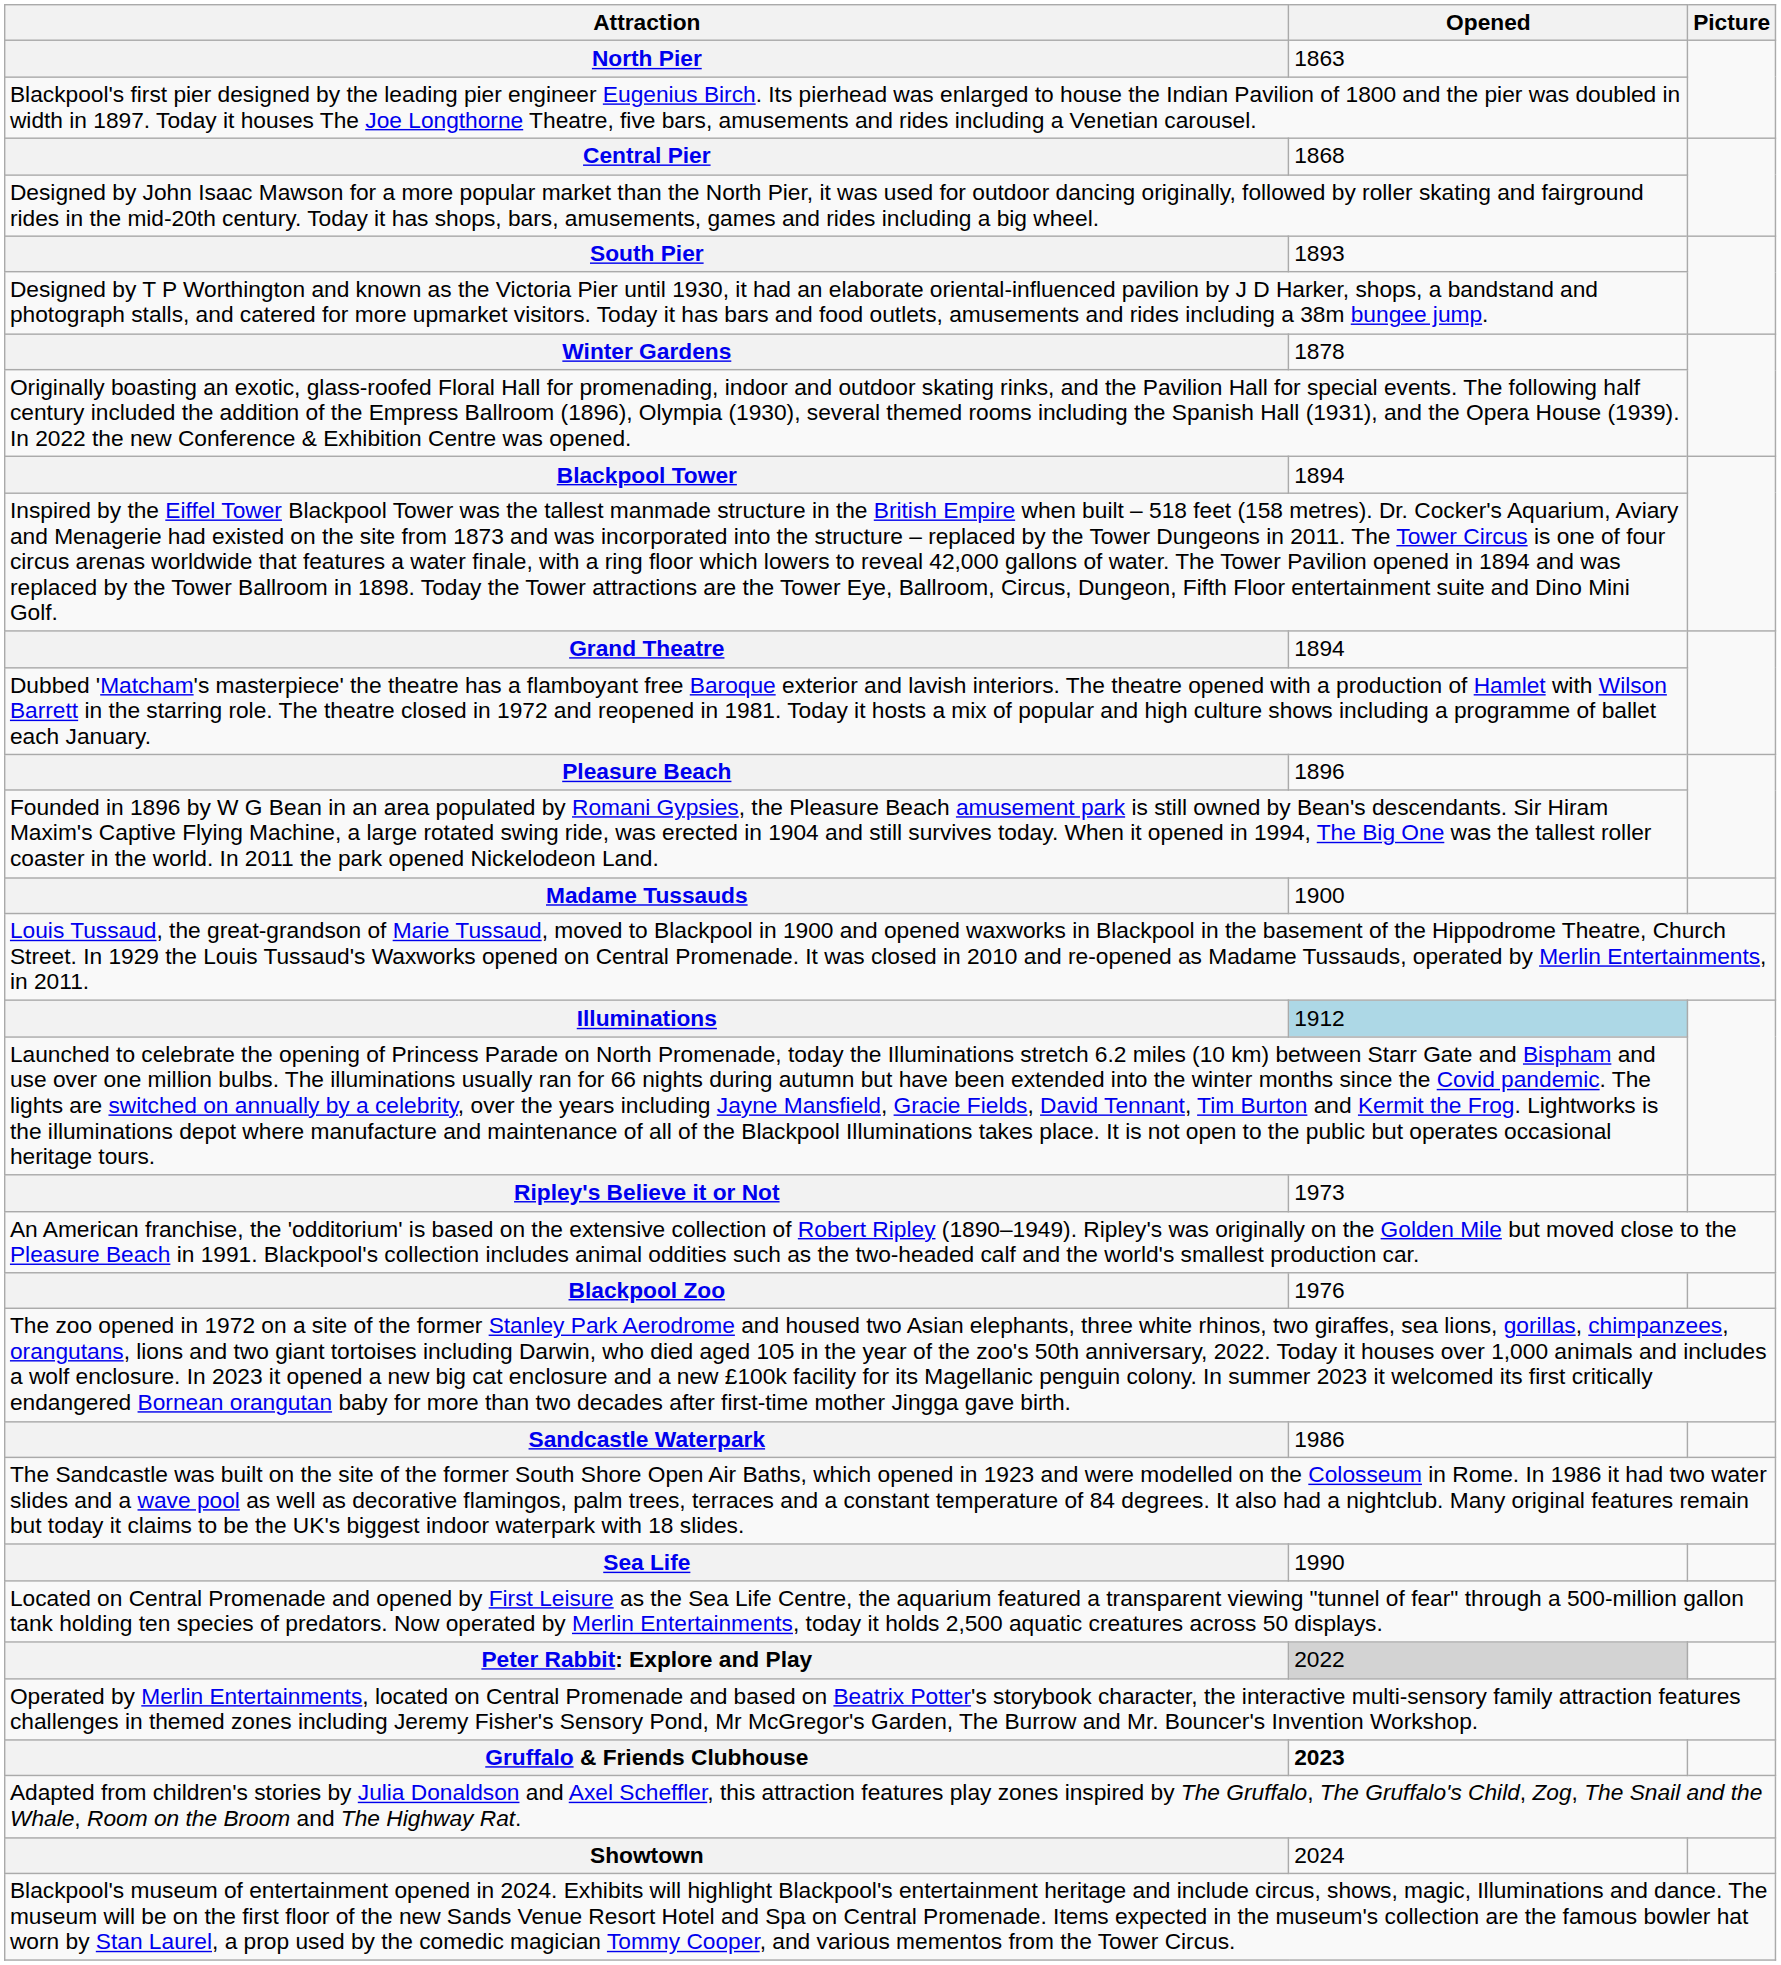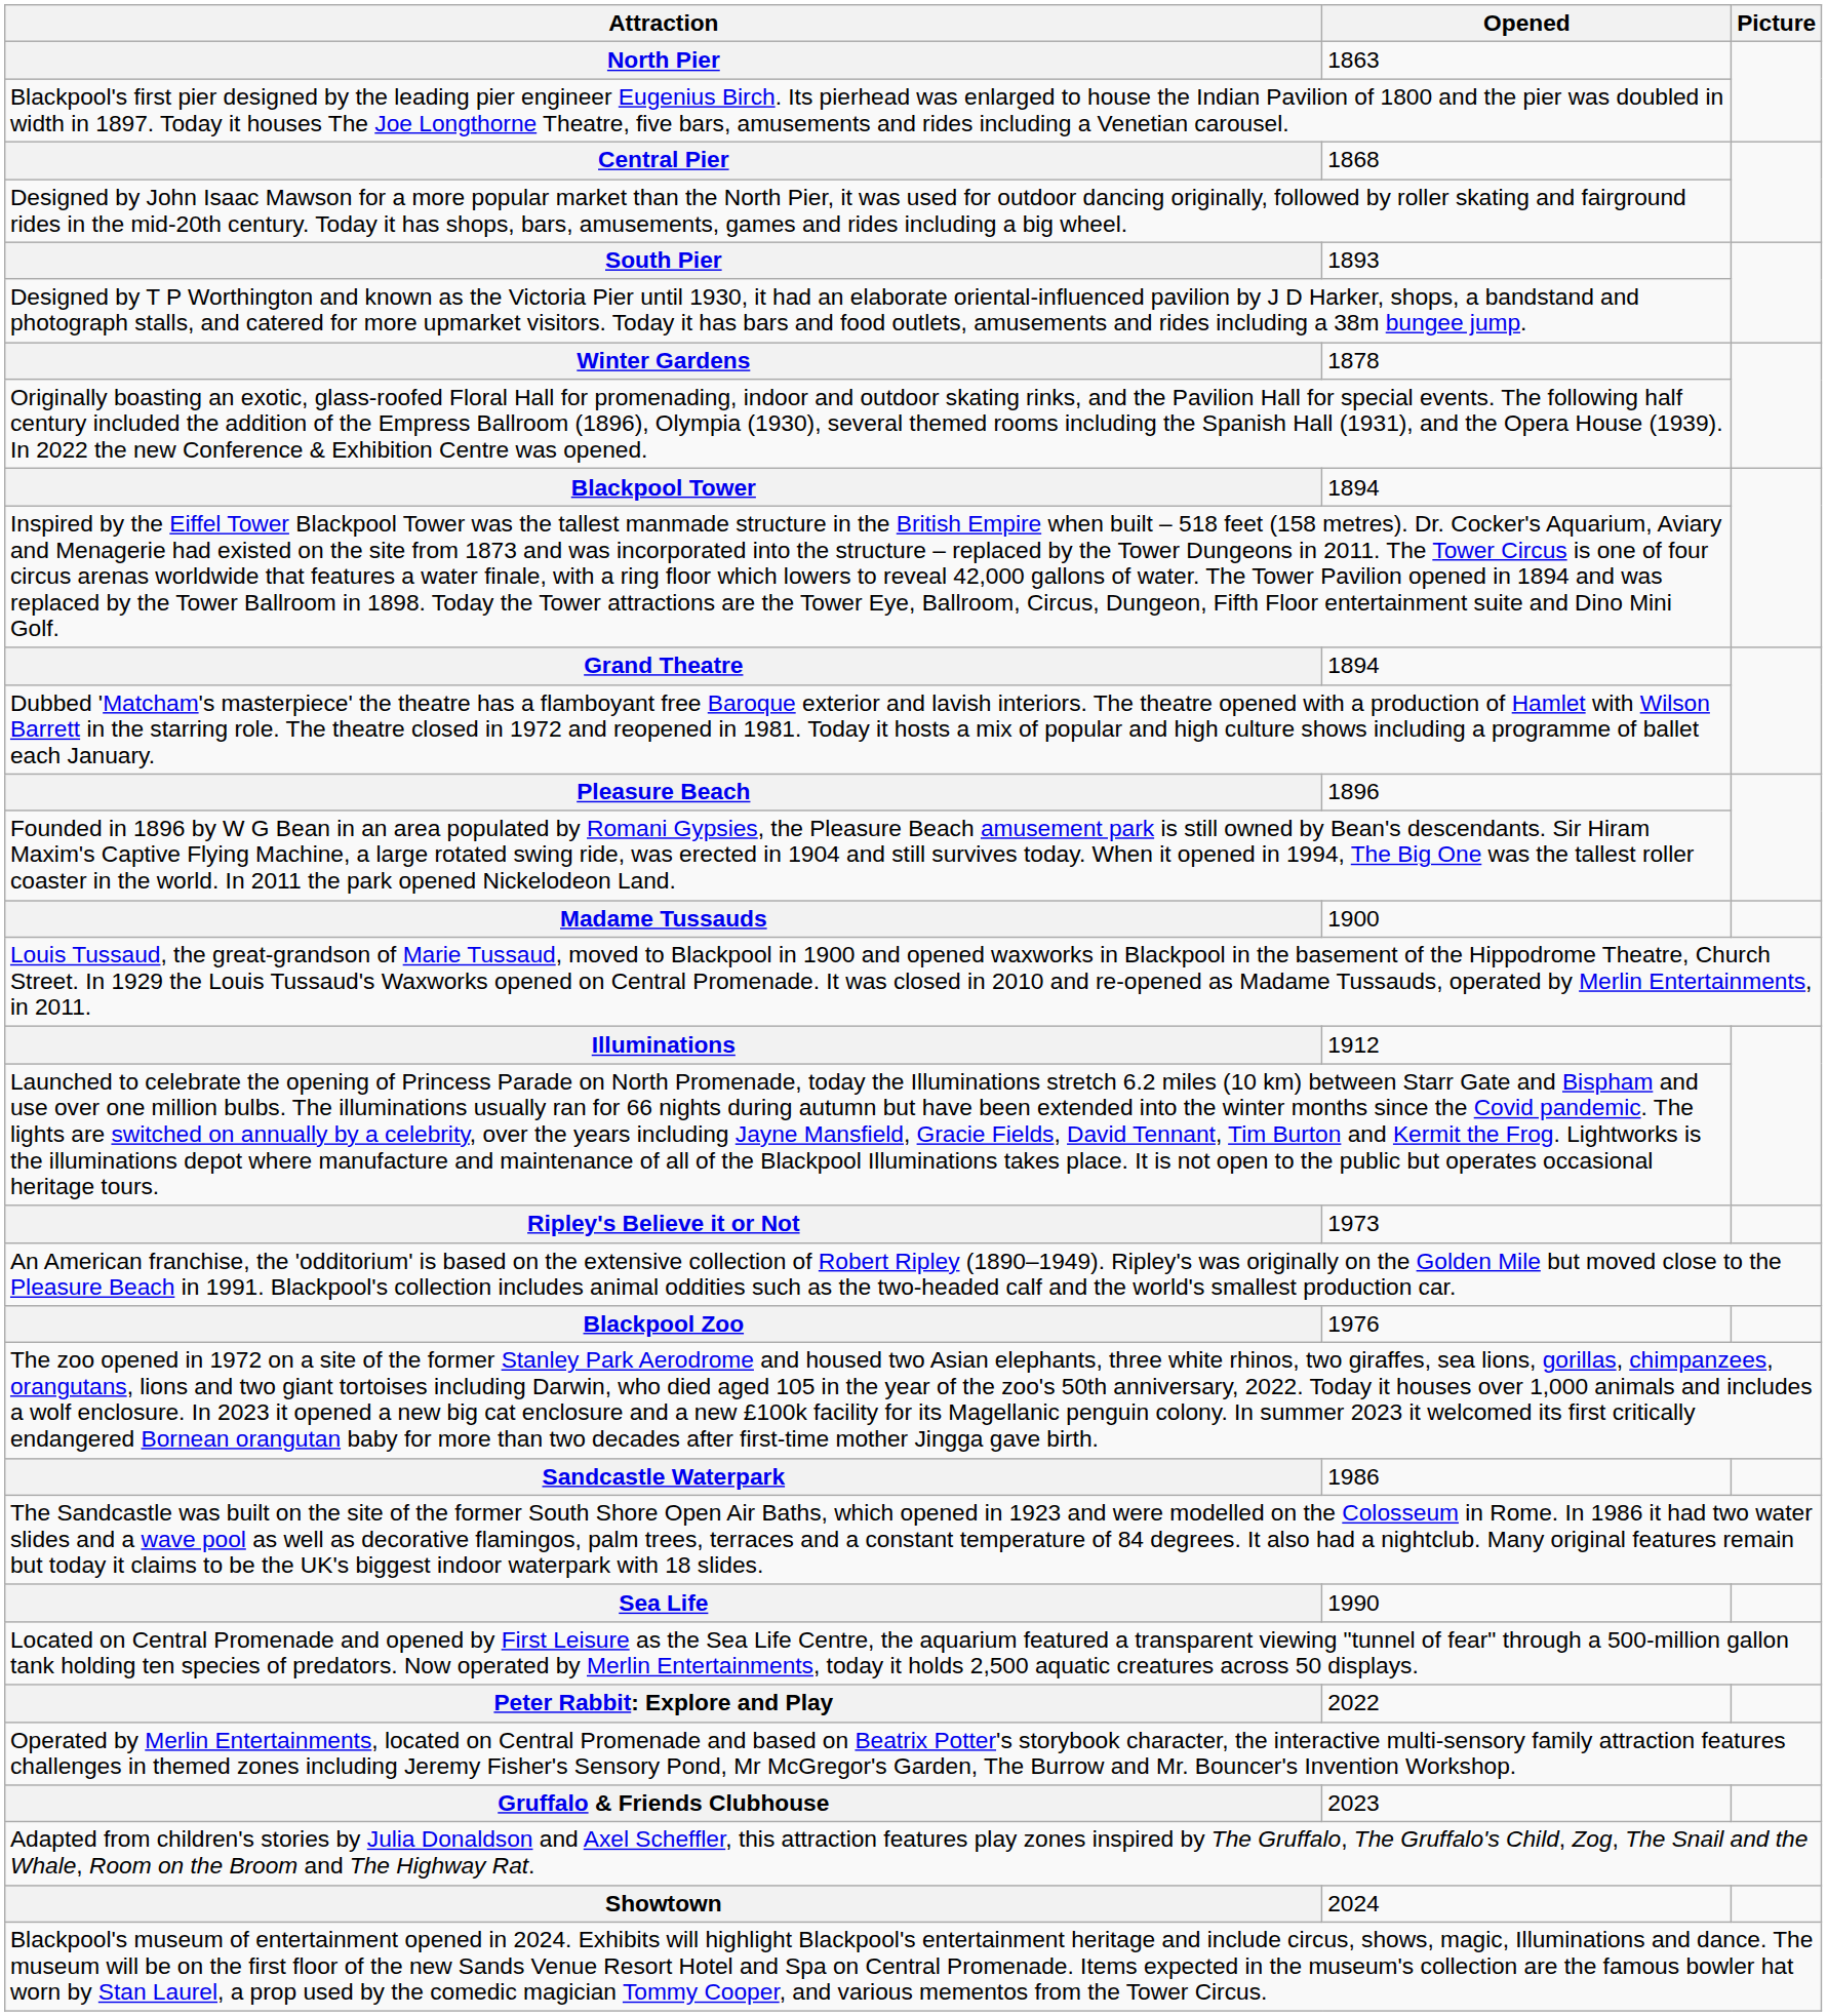 <table class ="wikitable">
 <tr>
 <th>Attraction</th>
 <th>Opened</th>
 <th>Picture</th>
 </tr>
 <tr>
 <th><a href='#'>North Pier</a></th>
 <td>1863</td>
 <td rowspan=2></td>
 </tr>
 <tr>
 <td colspan=2>Blackpool's first pier designed by the leading pier engineer <a href='#'>Eugenius Birch</a>. Its pierhead was enlarged to house the Indian Pavilion of 1800 and the pier was doubled in width in 1897. Today it houses The <a href='#'>Joe Longthorne</a> Theatre, five bars, amusements and rides including a Venetian carousel.</td>
 </tr>
 <tr>
 <th><a href='#'>Central Pier</a></th>
 <td>1868</td>
 <td rowspan=2></td>
 </tr>
 <tr>
 <td colspan=2>Designed by John Isaac Mawson for a more popular market than the North Pier, it was used for outdoor dancing originally, followed by roller skating and fairground rides in the mid-20th century. Today it has shops, bars, amusements, games and rides including a big wheel.</td>
 </tr>
 <tr>
 <th><a href='#'>South Pier</a></th>
 <td>1893</td>
 <td rowspan=2></td>
 </tr>
 <tr>
 <td colspan=2>Designed by T P Worthington and known as the Victoria Pier until 1930, it had an elaborate oriental-influenced pavilion by J D Harker, shops, a bandstand and photograph stalls, and catered for more upmarket visitors. Today it has bars and food outlets, amusements and rides including a 38m <a href='#'>bungee jump</a>.</td>
 </tr>
 <tr>
 <th><a href='#'>Winter Gardens</a></th>
 <td>1878</td>
 <td rowspan=2></td>
 </tr>
 <tr>
 <td colspan=2>Originally boasting an exotic, glass-roofed Floral Hall for promenading, indoor and outdoor skating rinks, and the Pavilion Hall for special events. The following half century included the addition of the Empress Ballroom (1896), Olympia (1930), several themed rooms including the Spanish Hall (1931), and the Opera House (1939). In 2022 the new Conference & Exhibition Centre was opened.</td>
 </tr>
 <tr>
 <th><a href='#'>Blackpool Tower</a></th>
 <td>1894</td>
 <td rowspan=2></td>
 </tr>
 <tr>
 <td colspan=2>Inspired by the <a href='#'>Eiffel Tower</a> Blackpool Tower was the tallest manmade structure in the <a href='#'>British Empire</a> when built – 518 feet (158 metres). Dr. Cocker's Aquarium, Aviary and Menagerie had existed on the site from 1873 and was incorporated into the structure – replaced by the Tower Dungeons in 2011. The <a href='#'>Tower Circus</a> is one of four circus arenas worldwide that features a water finale, with a ring floor which lowers to reveal 42,000 gallons of water. The Tower Pavilion opened in 1894 and was replaced by the Tower Ballroom in 1898. Today the Tower attractions are the Tower Eye, Ballroom, Circus, Dungeon, Fifth Floor entertainment suite and Dino Mini Golf.</td>
 </tr>
 <tr>
 <th><a href='#'>Grand Theatre</a></th>
 <td>1894</td>
 <td rowspan=2></td>
 </tr>
 <tr>
 <td colspan=2>Dubbed '<a href='#'>Matcham</a>'s masterpiece' the theatre has a flamboyant free <a href='#'>Baroque</a> exterior and lavish interiors. The theatre opened with a production of <a href='#'>Hamlet</a> with <a href='#'>Wilson Barrett</a> in the starring role. The theatre closed in 1972 and reopened in 1981. Today it hosts a mix of popular and high culture shows including a programme of ballet each January.</td>
 </tr>
 <tr>
 <th><a href='#'>Pleasure Beach</a></th>
 <td>1896</td>
 <td rowspan=2></td>
 </tr>
 <tr>
 <td colspan=2>Founded in 1896 by W G Bean in an area populated by <a href='#'>Romani Gypsies</a>, the Pleasure Beach <a href='#'>amusement park</a> is still owned by Bean's descendants. Sir Hiram Maxim's Captive Flying Machine, a large rotated swing ride, was erected in 1904 and still survives today. When it opened in 1994, <a href='#'>The Big One</a> was the tallest roller coaster in the world. In 2011 the park opened Nickelodeon Land.</td>
 </tr>
 <tr>
 <th><a href='#'>Madame Tussauds</a></th>
 <td>1900</td>
 </tr>
 <tr>
 <td colspan=3><a href='#'>Louis Tussaud</a>, the great-grandson of <a href='#'>Marie Tussaud</a>, moved to Blackpool in 1900 and opened waxworks in Blackpool in the basement of the Hippodrome Theatre, Church Street. In 1929 the Louis Tussaud's Waxworks opened on Central Promenade. It was closed in 2010 and re-opened as Madame Tussauds, operated by <a href='#'>Merlin Entertainments</a>, in 2011.</td>
 </tr>
 <tr>
 <th><a href='#'>Illuminations</a></th>
-<td style="background: lightblue;">1912</td>
+<td>1912</td>
 <td rowspan=2></td>
 </tr>
 <tr>
 <td colspan=2>Launched to celebrate the opening of Princess Parade on North Promenade, today the Illuminations stretch 6.2 miles (10 km) between Starr Gate and <a href='#'>Bispham</a> and use over one million bulbs. The illuminations usually ran for 66 nights during autumn but have been extended into the winter months since the <a href='#'>Covid pandemic</a>. The lights are <a href='#'>switched on annually by a celebrity</a>, over the years including <a href='#'>Jayne Mansfield</a>, <a href='#'>Gracie Fields</a>, <a href='#'>David Tennant</a>, <a href='#'>Tim Burton</a> and <a href='#'>Kermit the Frog</a>. Lightworks is the illuminations depot where manufacture and maintenance of all of the Blackpool Illuminations takes place. It is not open to the public but operates occasional heritage tours.</td>
 </tr>
 <tr>
 <th><a href='#'>Ripley's Believe it or Not</a></th>
 <td>1973</td>
 <td></td>
 </tr>
 <tr>
 <td colspan=3>An American franchise, the 'odditorium' is based on the extensive collection of <a href='#'>Robert Ripley</a> (1890–1949). Ripley's was originally on the <a href='#'>Golden Mile</a> but moved close to the <a href='#'>Pleasure Beach</a> in 1991. Blackpool's collection includes animal oddities such as the two-headed calf and the world's smallest production car.</td>
 </tr>
 <tr>
 <th><a href='#'>Blackpool Zoo</a></th>
 <td>1976</td>
 <td></td>
 </tr>
 <tr>
 <td colspan=3>The zoo opened in 1972 on a site of the former <a href='#'>Stanley Park Aerodrome</a> and housed two Asian elephants, three white rhinos, two giraffes, sea lions, <a href='#'>gorillas</a>, <a href='#'>chimpanzees</a>, <a href='#'>orangutans</a>, lions and two giant tortoises including Darwin, who died aged 105 in the year of the zoo's 50th anniversary, 2022. Today it houses over 1,000 animals and includes a wolf enclosure. In 2023 it opened a new big cat enclosure and a new £100k facility for its Magellanic penguin colony. In summer 2023 it welcomed its first critically endangered <a href='#'>Bornean orangutan</a> baby for more than two decades after first-time mother Jingga gave birth.</td>
 </tr>
 <tr>
 <th><a href='#'>Sandcastle Waterpark</a></th>
 <td>1986</td>
 <td></td>
 </tr>
 <tr>
 <td colspan=3>The Sandcastle was built on the site of the former South Shore Open Air Baths, which opened in 1923 and were modelled on the <a href='#'>Colosseum</a> in Rome. In 1986 it had two water slides and a <a href='#'>wave pool</a> as well as decorative flamingos, palm trees, terraces and a constant temperature of 84 degrees. It also had a nightclub. Many original features remain but today it claims to be the UK's biggest indoor waterpark with 18 slides.</td>
 </tr>
 <tr>
 <th><a href='#'>Sea Life</a></th>
 <td>1990</td>
 <td></td>
 </tr>
 <tr>
 <td colspan=3>Located on Central Promenade and opened by <a href='#'>First Leisure</a> as the Sea Life Centre, the aquarium featured a transparent viewing "tunnel of fear" through a 500-million gallon tank holding ten species of predators. Now operated by <a href='#'>Merlin Entertainments</a>, today it holds 2,500 aquatic creatures  across 50 displays.</td>
 </tr>
 <tr>
 <th><a href='#'>Peter Rabbit</a>: Explore and Play</th>
-<td style="background: lightgrey;">2022</td>
+<td>2022</td>
 <td></td>
 </tr>
 <tr>
 <td colspan=3>Operated by <a href='#'>Merlin Entertainments</a>, located on Central Promenade and based on <a href='#'>Beatrix Potter</a>'s storybook character, the interactive multi-sensory family attraction features challenges in themed zones including Jeremy Fisher's Sensory Pond, Mr McGregor's Garden, The Burrow and Mr. Bouncer's Invention Workshop.</td>
 </tr>
 <tr>
 <th><a href='#'>Gruffalo</a> & Friends Clubhouse</th>
-<td><strong>2023</strong></td>
+<td>2023</td>
 <td></td>
 </tr>
 <tr>
 <td colspan=3>Adapted from children's stories by <a href='#'>Julia Donaldson</a> and <a href='#'>Axel Scheffler</a>, this attraction features play zones  inspired by <em>The Gruffalo</em>, <em>The Gruffalo's Child</em>, <em>Zog</em>, <em>The Snail and the Whale</em>, <em>Room on the Broom</em> and <em>The Highway Rat</em>.</td>
 </tr>
 <tr>
 <th>Showtown</th>
 <td>2024</td>
 <td></td>
 </tr>
 <tr>
 <td colspan=3>Blackpool's museum of entertainment opened in 2024. Exhibits will highlight Blackpool's entertainment heritage and include circus, shows, magic, Illuminations and dance. The museum will be  on the first floor of the new Sands Venue Resort Hotel and Spa on Central Promenade. Items expected in the museum's collection are the famous bowler hat worn by <a href='#'>Stan Laurel</a>, a prop used by the comedic magician <a href='#'>Tommy Cooper</a>, and various mementos from the Tower Circus.</td>
 </tr>
 </table>
